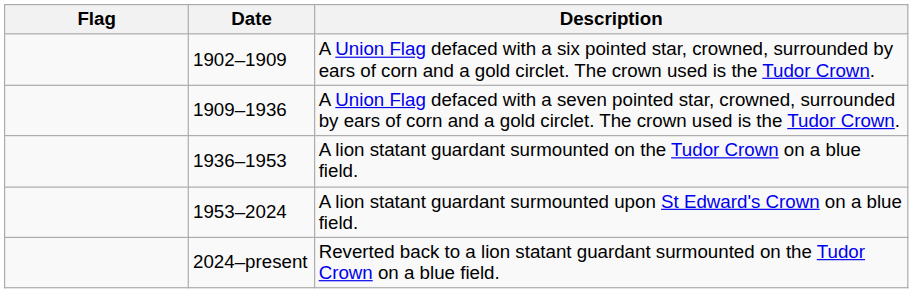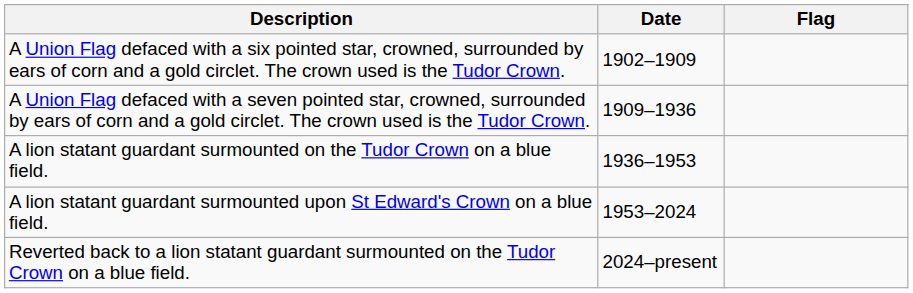 <table class="wikitable">
 <tr>
+<th scope="col" style="width:500px;">Description</th>
+<th scope="col" style="width:100px;">Date</th>
 <th scope="col" style="width:150px;">Flag</th>
-<th scope="col" style="width:100px;">Date</th>
-<th scope="col" style="width:500px;">Description</th>
 </tr>
 <tr>
+<td>A <a href='#'>Union Flag</a> defaced with a six pointed star, crowned, surrounded by ears of corn and a gold circlet. The crown used is the <a href='#'>Tudor Crown</a>.</td>
+<td>1902–1909</td>
 <td></td>
-<td>1902–1909</td>
-<td>A <a href='#'>Union Flag</a> defaced with a six pointed star, crowned, surrounded by ears of corn and a gold circlet. The crown used is the <a href='#'>Tudor Crown</a>.</td>
 </tr>
 <tr>
+<td>A <a href='#'>Union Flag</a> defaced with a seven pointed star, crowned, surrounded by ears of corn and a gold circlet. The crown used is the <a href='#'>Tudor Crown</a>.</td>
+<td>1909–1936</td>
 <td></td>
-<td>1909–1936</td>
-<td>A <a href='#'>Union Flag</a> defaced with a seven pointed star, crowned, surrounded by ears of corn and a gold circlet. The crown used is the <a href='#'>Tudor Crown</a>.</td>
 </tr>
 <tr>
+<td>A lion statant guardant surmounted on the <a href='#'>Tudor Crown</a> on a blue field.</td>
+<td>1936–1953</td>
 <td></td>
-<td>1936–1953</td>
-<td>A lion statant guardant surmounted on the <a href='#'>Tudor Crown</a> on a blue field.</td>
 </tr>
 <tr>
+<td>A lion statant guardant surmounted upon <a href='#'>St Edward's Crown</a> on a blue field.</td>
+<td>1953–2024</td>
 <td></td>
-<td>1953–2024</td>
-<td>A lion statant guardant surmounted upon <a href='#'>St Edward's Crown</a> on a blue field.</td>
 </tr>
 <tr>
+<td>Reverted back to a lion statant guardant surmounted on the <a href='#'>Tudor Crown</a> on a blue field.</td>
+<td>2024–present</td>
 <td></td>
-<td>2024–present</td>
-<td>Reverted back to a lion statant guardant surmounted on the <a href='#'>Tudor Crown</a> on a blue field.</td>
 </tr>
 </table>
